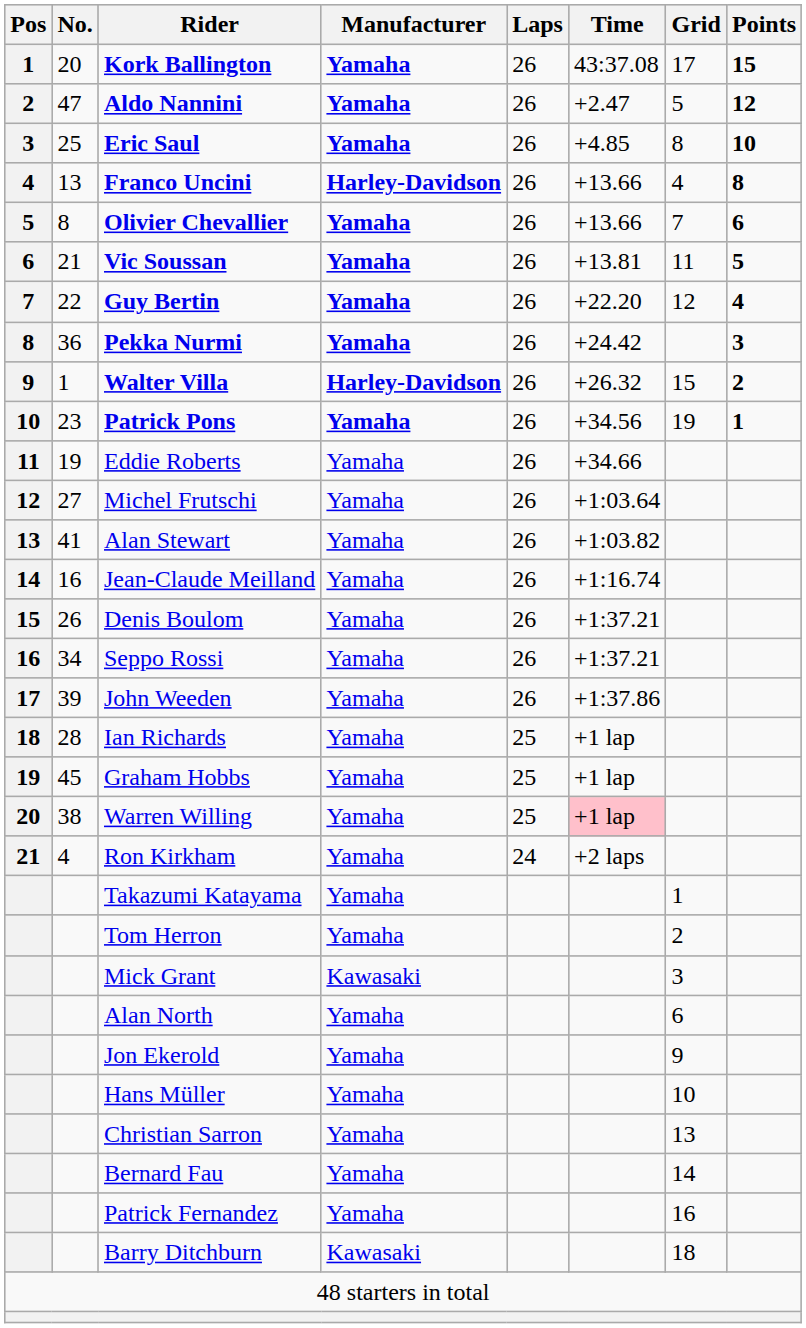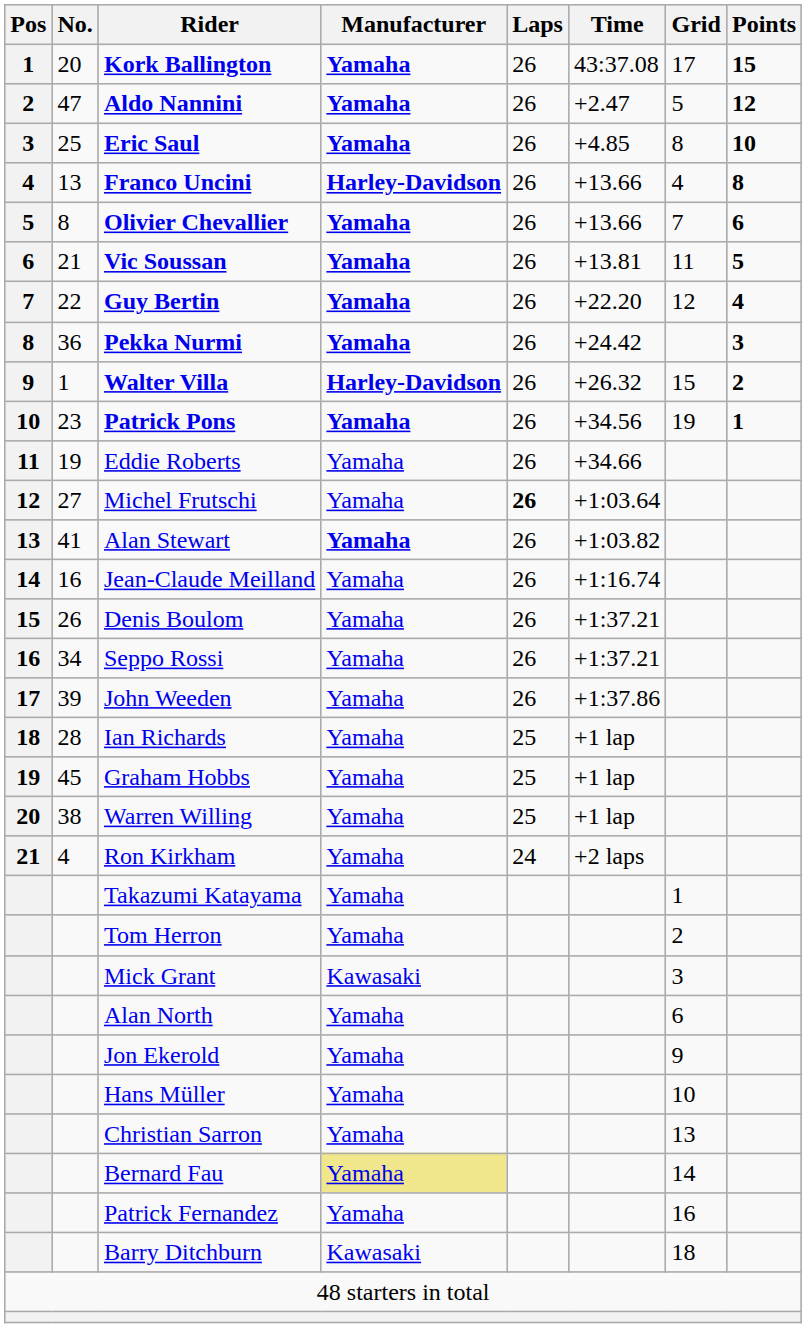 <table class="wikitable" style="font-size: 95%;">
 <tr>
 <th>Pos</th>
 <th>No.</th>
 <th>Rider</th>
 <th>Manufacturer</th>
 <th>Laps</th>
 <th>Time</th>
 <th>Grid</th>
 <th>Points</th>
 </tr>
 <tr>
 <th>1</th>
 <td>20</td>
 <td> <strong><a href='#'>Kork Ballington</a></strong></td>
 <td><strong><a href='#'>Yamaha</a></strong></td>
 <td>26</td>
 <td>43:37.08</td>
 <td>17</td>
 <td><strong>15</strong></td>
 </tr>
 <tr>
 <th>2</th>
 <td>47</td>
 <td> <strong><a href='#'>Aldo Nannini</a></strong></td>
 <td><strong><a href='#'>Yamaha</a></strong></td>
 <td>26</td>
 <td>+2.47</td>
 <td>5</td>
 <td><strong>12</strong></td>
 </tr>
 <tr>
 <th>3</th>
 <td>25</td>
 <td> <strong><a href='#'>Eric Saul</a></strong></td>
 <td><strong><a href='#'>Yamaha</a></strong></td>
 <td>26</td>
 <td>+4.85</td>
 <td>8</td>
 <td><strong>10</strong></td>
 </tr>
 <tr>
 <th>4</th>
 <td>13</td>
 <td> <strong><a href='#'>Franco Uncini</a></strong></td>
 <td><strong><a href='#'>Harley-Davidson</a></strong></td>
 <td>26</td>
 <td>+13.66</td>
 <td>4</td>
 <td><strong>8</strong></td>
 </tr>
 <tr>
 <th>5</th>
 <td>8</td>
 <td> <strong><a href='#'>Olivier Chevallier</a></strong></td>
 <td><strong><a href='#'>Yamaha</a></strong></td>
 <td>26</td>
 <td>+13.66</td>
 <td>7</td>
 <td><strong>6</strong></td>
 </tr>
 <tr>
 <th>6</th>
 <td>21</td>
 <td> <strong><a href='#'>Vic Soussan</a></strong></td>
 <td><strong><a href='#'>Yamaha</a></strong></td>
 <td>26</td>
 <td>+13.81</td>
 <td>11</td>
 <td><strong>5</strong></td>
 </tr>
 <tr>
 <th>7</th>
 <td>22</td>
 <td> <strong><a href='#'>Guy Bertin</a></strong></td>
 <td><strong><a href='#'>Yamaha</a></strong></td>
 <td>26</td>
 <td>+22.20</td>
 <td>12</td>
 <td><strong>4</strong></td>
 </tr>
 <tr>
 <th>8</th>
 <td>36</td>
 <td> <strong><a href='#'>Pekka Nurmi</a></strong></td>
 <td><strong><a href='#'>Yamaha</a></strong></td>
 <td>26</td>
 <td>+24.42</td>
 <td></td>
 <td><strong>3</strong></td>
 </tr>
 <tr>
 <th>9</th>
 <td>1</td>
 <td> <strong><a href='#'>Walter Villa</a></strong></td>
 <td><strong><a href='#'>Harley-Davidson</a></strong></td>
 <td>26</td>
 <td>+26.32</td>
 <td>15</td>
 <td><strong>2</strong></td>
 </tr>
 <tr>
 <th>10</th>
 <td>23</td>
 <td> <strong><a href='#'>Patrick Pons</a></strong></td>
 <td><strong><a href='#'>Yamaha</a></strong></td>
 <td>26</td>
 <td>+34.56</td>
 <td>19</td>
 <td><strong>1</strong></td>
 </tr>
 <tr>
 <th>11</th>
 <td>19</td>
 <td> <a href='#'>Eddie Roberts</a></td>
 <td><a href='#'>Yamaha</a></td>
 <td>26</td>
 <td>+34.66</td>
 <td></td>
 <td></td>
 </tr>
 <tr>
 <th>12</th>
 <td>27</td>
 <td> <a href='#'>Michel Frutschi</a></td>
 <td><a href='#'>Yamaha</a></td>
-<td>26</td>
+<td><strong>26</strong></td>
 <td>+1:03.64</td>
 <td></td>
 <td></td>
 </tr>
 <tr>
 <th>13</th>
 <td>41</td>
 <td> <a href='#'>Alan Stewart</a></td>
-<td><a href='#'>Yamaha</a></td>
+<td><strong><a href='#'>Yamaha</a></strong></td>
 <td>26</td>
 <td>+1:03.82</td>
 <td></td>
 <td></td>
 </tr>
 <tr>
 <th>14</th>
 <td>16</td>
 <td> <a href='#'>Jean-Claude Meilland</a></td>
 <td><a href='#'>Yamaha</a></td>
 <td>26</td>
 <td>+1:16.74</td>
 <td></td>
 <td></td>
 </tr>
 <tr>
 <th>15</th>
 <td>26</td>
 <td> <a href='#'>Denis Boulom</a></td>
 <td><a href='#'>Yamaha</a></td>
 <td>26</td>
 <td>+1:37.21</td>
 <td></td>
 <td></td>
 </tr>
 <tr>
 <th>16</th>
 <td>34</td>
 <td> <a href='#'>Seppo Rossi</a></td>
 <td><a href='#'>Yamaha</a></td>
 <td>26</td>
 <td>+1:37.21</td>
 <td></td>
 <td></td>
 </tr>
 <tr>
 <th>17</th>
 <td>39</td>
 <td> <a href='#'>John Weeden</a></td>
 <td><a href='#'>Yamaha</a></td>
 <td>26</td>
 <td>+1:37.86</td>
 <td></td>
 <td></td>
 </tr>
 <tr>
 <th>18</th>
 <td>28</td>
 <td> <a href='#'>Ian Richards</a></td>
 <td><a href='#'>Yamaha</a></td>
 <td>25</td>
 <td>+1 lap</td>
 <td></td>
 <td></td>
 </tr>
 <tr>
 <th>19</th>
 <td>45</td>
 <td> <a href='#'>Graham Hobbs</a></td>
 <td><a href='#'>Yamaha</a></td>
 <td>25</td>
 <td>+1 lap</td>
 <td></td>
 <td></td>
 </tr>
 <tr>
 <th>20</th>
 <td>38</td>
 <td> <a href='#'>Warren Willing</a></td>
 <td><a href='#'>Yamaha</a></td>
 <td>25</td>
-<td style="background: pink;">+1 lap</td>
+<td>+1 lap</td>
 <td></td>
 <td></td>
 </tr>
 <tr>
 <th>21</th>
 <td>4</td>
 <td> <a href='#'>Ron Kirkham</a></td>
 <td><a href='#'>Yamaha</a></td>
 <td>24</td>
 <td>+2 laps</td>
 <td></td>
 <td></td>
 </tr>
 <tr>
 <th></th>
 <td></td>
 <td> <a href='#'>Takazumi Katayama</a></td>
 <td><a href='#'>Yamaha</a></td>
 <td></td>
 <td></td>
 <td>1</td>
 <td></td>
 </tr>
 <tr>
 <th></th>
 <td></td>
 <td> <a href='#'>Tom Herron</a></td>
 <td><a href='#'>Yamaha</a></td>
 <td></td>
 <td></td>
 <td>2</td>
 <td></td>
 </tr>
 <tr>
 <th></th>
 <td></td>
 <td> <a href='#'>Mick Grant</a></td>
 <td><a href='#'>Kawasaki</a></td>
 <td></td>
 <td></td>
 <td>3</td>
 <td></td>
 </tr>
 <tr>
 <th></th>
 <td></td>
 <td> <a href='#'>Alan North</a></td>
 <td><a href='#'>Yamaha</a></td>
 <td></td>
 <td></td>
 <td>6</td>
 <td></td>
 </tr>
 <tr>
 <th></th>
 <td></td>
 <td> <a href='#'>Jon Ekerold</a></td>
 <td><a href='#'>Yamaha</a></td>
 <td></td>
 <td></td>
 <td>9</td>
 <td></td>
 </tr>
 <tr>
 <th></th>
 <td></td>
 <td> <a href='#'>Hans Müller</a></td>
 <td><a href='#'>Yamaha</a></td>
 <td></td>
 <td></td>
 <td>10</td>
 <td></td>
 </tr>
 <tr>
 <th></th>
 <td></td>
 <td> <a href='#'>Christian Sarron</a></td>
 <td><a href='#'>Yamaha</a></td>
 <td></td>
 <td></td>
 <td>13</td>
 <td></td>
 </tr>
 <tr>
 <th></th>
 <td></td>
 <td> <a href='#'>Bernard Fau</a></td>
-<td><a href='#'>Yamaha</a></td>
+<td style="background: khaki;"><a href='#'>Yamaha</a></td>
 <td></td>
 <td></td>
 <td>14</td>
 <td></td>
 </tr>
 <tr>
 <th></th>
 <td></td>
 <td> <a href='#'>Patrick Fernandez</a></td>
 <td><a href='#'>Yamaha</a></td>
 <td></td>
 <td></td>
 <td>16</td>
 <td></td>
 </tr>
 <tr>
 <th></th>
 <td></td>
 <td> <a href='#'>Barry Ditchburn</a></td>
 <td><a href='#'>Kawasaki</a></td>
 <td></td>
 <td></td>
 <td>18</td>
 <td></td>
 </tr>
 <tr>
 <td colspan=8 align=center>48 starters in total</td>
 </tr>
 <tr>
 <th colspan=8></th>
 </tr>
 </table>
